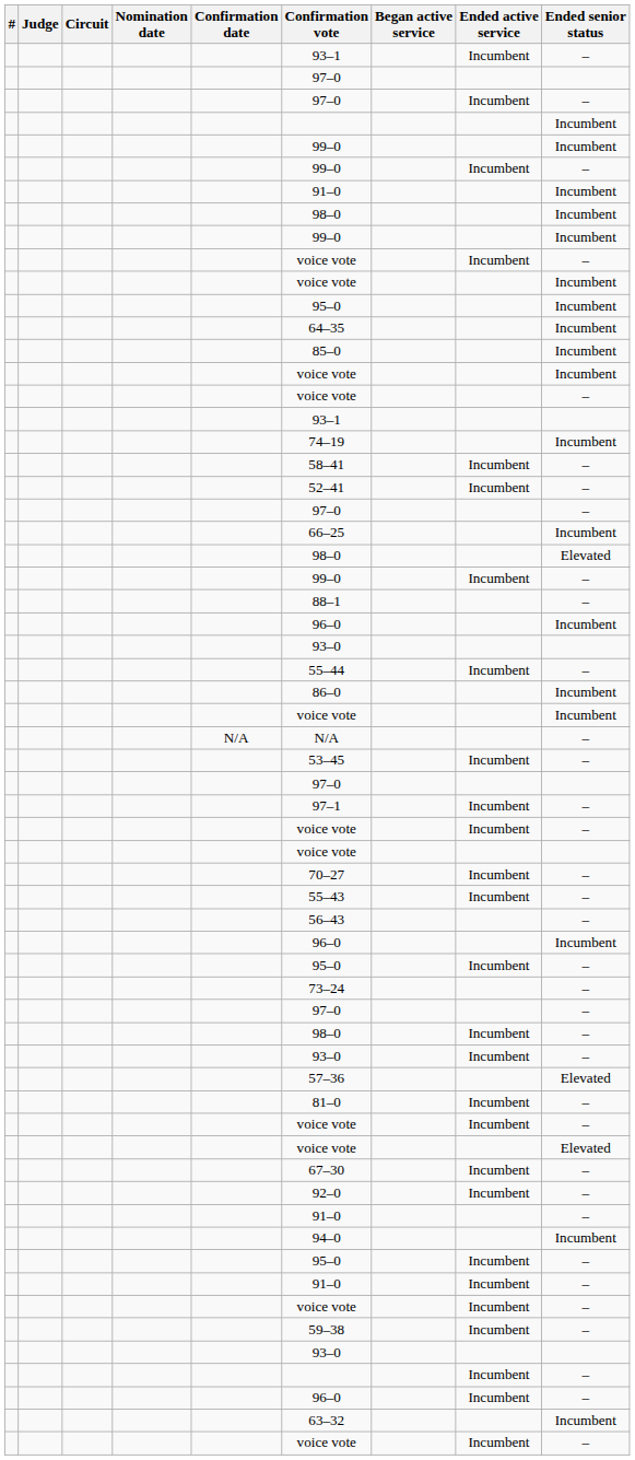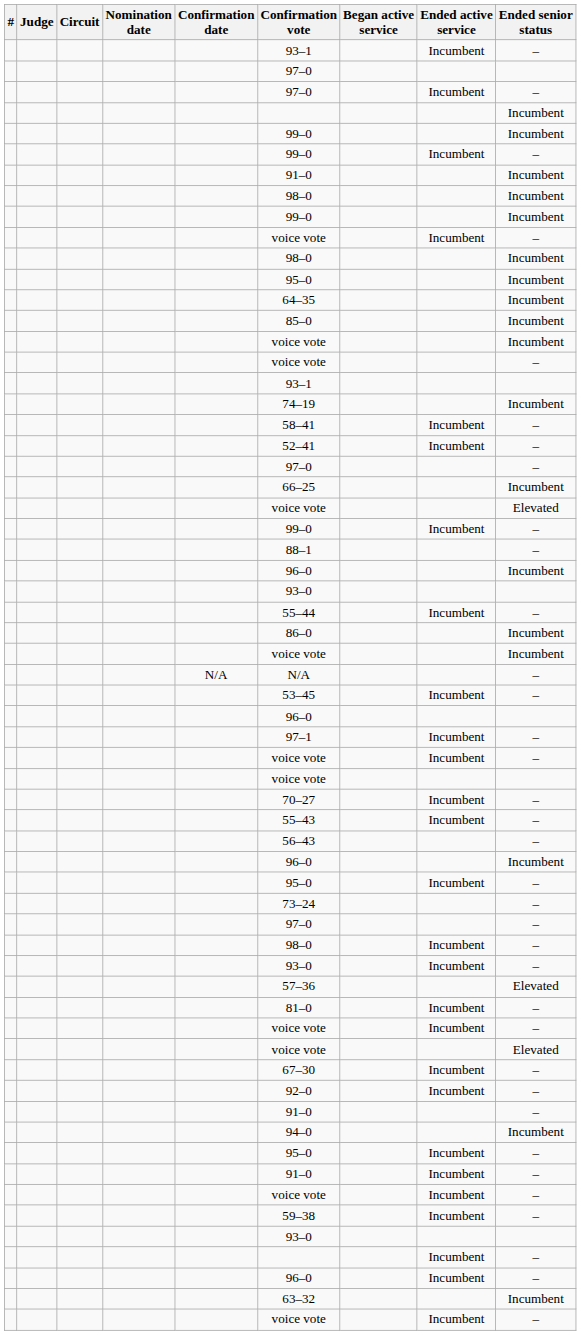 <table class="sortable wikitable">
 <tr bgcolor="#ececec">
 <th>#</th>
 <th>Judge</th>
 <th>Circuit</th>
 <th>Nomination<br>date</th>
 <th>Confirmation<br>date</th>
 <th>Confirmation<br>vote</th>
 <th>Began active<br>service</th>
 <th>Ended active<br>service</th>
 <th>Ended senior<br>status</th>
 </tr>
 <tr>
 <td></td>
 <td></td>
 <td></td>
 <td></td>
 <td></td>
 <td align= "center">93–1</td>
 <td></td>
 <td align= "center">Incumbent</td>
 <td align= "center">–</td>
 </tr>
 <tr>
 <td></td>
 <td></td>
 <td></td>
 <td></td>
 <td></td>
 <td align= "center">97–0</td>
 <td></td>
 <td></td>
 <td></td>
 </tr>
 <tr>
 <td></td>
 <td></td>
 <td></td>
 <td></td>
 <td></td>
 <td align= "center">97–0</td>
 <td></td>
 <td align= "center">Incumbent</td>
 <td align= "center">–</td>
 </tr>
 <tr>
 <td></td>
 <td></td>
 <td></td>
 <td></td>
 <td></td>
 <td align= "center"> </td>
 <td></td>
 <td></td>
 <td align= "center">Incumbent</td>
 </tr>
 <tr>
 <td></td>
 <td></td>
 <td></td>
 <td></td>
 <td></td>
 <td align= "center">99–0</td>
 <td></td>
 <td></td>
 <td align= "center">Incumbent</td>
 </tr>
 <tr>
 <td></td>
 <td></td>
 <td></td>
 <td></td>
 <td></td>
 <td align= "center">99–0</td>
 <td></td>
 <td align= "center">Incumbent</td>
 <td align= "center">–</td>
 </tr>
 <tr>
 <td></td>
 <td></td>
 <td></td>
 <td></td>
 <td></td>
 <td align= "center">91–0</td>
 <td></td>
 <td></td>
 <td align= "center">Incumbent</td>
 </tr>
 <tr>
 <td></td>
 <td></td>
 <td></td>
 <td></td>
 <td></td>
 <td align= "center">98–0</td>
 <td></td>
 <td></td>
 <td align= "center">Incumbent</td>
 </tr>
 <tr>
 <td></td>
 <td></td>
 <td></td>
 <td></td>
 <td></td>
 <td align= "center">99–0</td>
 <td></td>
 <td></td>
 <td align= "center">Incumbent</td>
 </tr>
 <tr>
 <td></td>
 <td></td>
 <td></td>
 <td></td>
 <td></td>
 <td align= "center">voice vote</td>
 <td></td>
 <td align= "center">Incumbent</td>
 <td align= "center">–</td>
 </tr>
 <tr>
 <td></td>
 <td></td>
 <td></td>
 <td></td>
 <td></td>
-<td align= "center">voice vote</td>
+<td align= "center">98–0</td>
 <td></td>
 <td></td>
 <td align= "center">Incumbent</td>
 </tr>
 <tr>
 <td></td>
 <td></td>
 <td></td>
 <td></td>
 <td></td>
 <td align= "center">95–0</td>
 <td></td>
 <td></td>
 <td align= "center">Incumbent</td>
 </tr>
 <tr>
 <td></td>
 <td></td>
 <td></td>
 <td></td>
 <td></td>
 <td align= "center">64–35</td>
 <td></td>
 <td></td>
 <td align= "center">Incumbent</td>
 </tr>
 <tr>
 <td></td>
 <td></td>
 <td></td>
 <td></td>
 <td></td>
 <td align= "center">85–0</td>
 <td></td>
 <td></td>
 <td align= "center">Incumbent</td>
 </tr>
 <tr>
 <td></td>
 <td></td>
 <td></td>
 <td></td>
 <td></td>
 <td align= "center">voice vote</td>
 <td></td>
 <td></td>
 <td align= "center">Incumbent</td>
 </tr>
 <tr>
 <td></td>
 <td></td>
 <td></td>
 <td></td>
 <td></td>
 <td align= "center">voice vote</td>
 <td></td>
 <td></td>
 <td align= "center">–</td>
 </tr>
 <tr>
 <td></td>
 <td></td>
 <td></td>
 <td></td>
 <td></td>
 <td align= "center">93–1</td>
 <td></td>
 <td></td>
 <td></td>
 </tr>
 <tr>
 <td></td>
 <td></td>
 <td></td>
 <td></td>
 <td></td>
 <td align= "center">74–19</td>
 <td></td>
 <td></td>
 <td align= "center">Incumbent</td>
 </tr>
 <tr>
 <td></td>
 <td></td>
 <td></td>
 <td></td>
 <td></td>
 <td align= "center">58–41</td>
 <td></td>
 <td align= "center">Incumbent</td>
 <td align= "center">–</td>
 </tr>
 <tr>
 <td></td>
 <td></td>
 <td></td>
 <td></td>
 <td></td>
 <td align= "center">52–41</td>
 <td></td>
 <td align= "center">Incumbent</td>
 <td align= "center">–</td>
 </tr>
 <tr>
 <td></td>
 <td></td>
 <td></td>
 <td></td>
 <td></td>
 <td align= "center">97–0</td>
 <td></td>
 <td></td>
 <td align= "center">–</td>
 </tr>
 <tr>
 <td></td>
 <td></td>
 <td></td>
 <td></td>
 <td></td>
 <td align= "center">66–25</td>
 <td></td>
 <td></td>
 <td align= "center">Incumbent</td>
 </tr>
 <tr>
 <td></td>
 <td></td>
 <td></td>
 <td></td>
 <td></td>
-<td align= "center">98–0</td>
+<td align= "center">voice vote</td>
 <td></td>
 <td></td>
 <td align= "center">Elevated</td>
 </tr>
 <tr>
 <td></td>
 <td></td>
 <td></td>
 <td></td>
 <td></td>
 <td align= "center">99–0</td>
 <td></td>
 <td align= "center">Incumbent</td>
 <td align= "center">–</td>
 </tr>
 <tr>
 <td></td>
 <td></td>
 <td></td>
 <td></td>
 <td></td>
 <td align= "center">88–1</td>
 <td></td>
 <td></td>
 <td align= "center">–</td>
 </tr>
 <tr>
 <td></td>
 <td></td>
 <td></td>
 <td></td>
 <td></td>
 <td align= "center">96–0</td>
 <td></td>
 <td></td>
 <td align= "center">Incumbent</td>
 </tr>
 <tr>
 <td></td>
 <td></td>
 <td></td>
 <td></td>
 <td></td>
 <td align= "center">93–0</td>
 <td></td>
 <td></td>
 <td></td>
 </tr>
 <tr>
 <td></td>
 <td></td>
 <td></td>
 <td></td>
 <td></td>
 <td align= "center">55–44</td>
 <td></td>
 <td align= "center">Incumbent</td>
 <td align= "center">–</td>
 </tr>
 <tr>
 <td></td>
 <td></td>
 <td></td>
 <td></td>
 <td></td>
 <td align= "center">86–0</td>
 <td></td>
 <td></td>
 <td align= "center">Incumbent</td>
 </tr>
 <tr>
 <td></td>
 <td></td>
 <td></td>
 <td></td>
 <td></td>
 <td align= "center">voice vote</td>
 <td></td>
 <td></td>
 <td align= "center">Incumbent</td>
 </tr>
 <tr>
 <td></td>
 <td></td>
 <td></td>
 <td></td>
 <td align= "center">N/A</td>
 <td align= "center">N/A</td>
 <td></td>
 <td></td>
 <td align= "center">–</td>
 </tr>
 <tr>
 <td></td>
 <td></td>
 <td></td>
 <td></td>
 <td></td>
 <td align= "center">53–45</td>
 <td></td>
 <td align= "center">Incumbent</td>
 <td align= "center">–</td>
 </tr>
 <tr>
 <td></td>
 <td></td>
 <td></td>
 <td></td>
 <td></td>
-<td align= "center">97–0</td>
+<td align= "center">96–0</td>
 <td></td>
 <td></td>
 <td></td>
 </tr>
 <tr>
 <td></td>
 <td></td>
 <td></td>
 <td></td>
 <td></td>
 <td align= "center">97–1</td>
 <td></td>
 <td align= "center">Incumbent</td>
 <td align= "center">–</td>
 </tr>
 <tr>
 <td></td>
 <td></td>
 <td></td>
 <td></td>
 <td></td>
 <td align= "center">voice vote</td>
 <td></td>
 <td align= "center">Incumbent</td>
 <td align= "center">–</td>
 </tr>
 <tr>
 <td></td>
 <td></td>
 <td></td>
 <td></td>
 <td></td>
 <td align= "center">voice vote</td>
 <td></td>
 <td></td>
 <td></td>
 </tr>
 <tr>
 <td></td>
 <td></td>
 <td></td>
 <td></td>
 <td></td>
 <td align= "center">70–27</td>
 <td></td>
 <td align= "center">Incumbent</td>
 <td align= "center">–</td>
 </tr>
 <tr>
 <td></td>
 <td></td>
 <td></td>
 <td></td>
 <td></td>
 <td align= "center">55–43</td>
 <td></td>
 <td align= "center">Incumbent</td>
 <td align= "center">–</td>
 </tr>
 <tr>
 <td></td>
 <td></td>
 <td></td>
 <td></td>
 <td></td>
 <td align= "center">56–43</td>
 <td></td>
 <td></td>
 <td align= "center">–</td>
 </tr>
 <tr>
 <td></td>
 <td></td>
 <td></td>
 <td></td>
 <td></td>
 <td align= "center">96–0</td>
 <td></td>
 <td></td>
 <td align="center">Incumbent</td>
 </tr>
 <tr>
 <td></td>
 <td></td>
 <td></td>
 <td></td>
 <td></td>
 <td align= "center">95–0</td>
 <td></td>
 <td align= "center">Incumbent</td>
 <td align= "center">–</td>
 </tr>
 <tr>
 <td></td>
 <td></td>
 <td></td>
 <td></td>
 <td></td>
 <td align= "center">73–24</td>
 <td></td>
 <td></td>
 <td align= "center">–</td>
 </tr>
 <tr>
 <td></td>
 <td></td>
 <td></td>
 <td></td>
 <td></td>
 <td align= "center">97–0</td>
 <td></td>
 <td></td>
 <td align= "center">–</td>
 </tr>
 <tr>
 <td></td>
 <td></td>
 <td></td>
 <td></td>
 <td></td>
 <td align= "center">98–0</td>
 <td></td>
 <td align= "center">Incumbent</td>
 <td align= "center">–</td>
 </tr>
 <tr>
 <td></td>
 <td></td>
 <td></td>
 <td></td>
 <td></td>
 <td align= "center">93–0</td>
 <td></td>
 <td align= "center">Incumbent</td>
 <td align= "center">–</td>
 </tr>
 <tr>
 <td></td>
 <td></td>
 <td></td>
 <td></td>
 <td></td>
 <td align= "center">57–36</td>
 <td></td>
 <td></td>
 <td align= "center">Elevated</td>
 </tr>
 <tr>
 <td></td>
 <td></td>
 <td></td>
 <td></td>
 <td></td>
 <td align= "center">81–0</td>
 <td></td>
 <td align= "center">Incumbent</td>
 <td align= "center">–</td>
 </tr>
 <tr>
 <td></td>
 <td></td>
 <td></td>
 <td></td>
 <td></td>
 <td align= "center">voice vote</td>
 <td></td>
 <td align= "center">Incumbent</td>
 <td align= "center">–</td>
 </tr>
 <tr>
 <td></td>
 <td></td>
 <td></td>
 <td></td>
 <td></td>
 <td align= "center">voice vote</td>
 <td></td>
 <td></td>
 <td align= "center">Elevated</td>
 </tr>
 <tr>
 <td></td>
 <td></td>
 <td></td>
 <td></td>
 <td></td>
 <td align= "center">67–30</td>
 <td></td>
 <td align= "center">Incumbent</td>
 <td align= "center">–</td>
 </tr>
 <tr>
 <td></td>
 <td></td>
 <td></td>
 <td></td>
 <td></td>
 <td align= "center">92–0</td>
 <td></td>
 <td align= "center">Incumbent</td>
 <td align= "center">–</td>
 </tr>
 <tr>
 <td></td>
 <td></td>
 <td></td>
 <td></td>
 <td></td>
 <td align= "center">91–0</td>
 <td></td>
 <td></td>
 <td align="center">–</td>
 </tr>
 <tr>
 <td></td>
 <td></td>
 <td></td>
 <td></td>
 <td></td>
 <td align= "center">94–0</td>
 <td></td>
 <td></td>
 <td align= "center">Incumbent</td>
 </tr>
 <tr>
 <td></td>
 <td></td>
 <td></td>
 <td></td>
 <td></td>
 <td align= "center">95–0</td>
 <td></td>
 <td align= "center">Incumbent</td>
 <td align= "center">–</td>
 </tr>
 <tr>
 <td></td>
 <td></td>
 <td></td>
 <td></td>
 <td></td>
 <td align= "center">91–0</td>
 <td></td>
 <td align= "center">Incumbent</td>
 <td align= "center">–</td>
 </tr>
 <tr>
 <td></td>
 <td></td>
 <td></td>
 <td></td>
 <td></td>
 <td align= "center">voice vote</td>
 <td></td>
 <td align= "center">Incumbent</td>
 <td align= "center">–</td>
 </tr>
 <tr>
 <td></td>
 <td></td>
 <td></td>
 <td></td>
 <td></td>
 <td align= "center">59–38</td>
 <td></td>
 <td align= "center">Incumbent</td>
 <td align= "center">–</td>
 </tr>
 <tr>
 <td></td>
 <td></td>
 <td></td>
 <td></td>
 <td></td>
 <td align= "center">93–0</td>
 <td></td>
 <td></td>
 <td></td>
 </tr>
 <tr>
 <td></td>
 <td></td>
 <td></td>
 <td></td>
 <td></td>
 <td align= "center"></td>
 <td></td>
 <td align= "center">Incumbent</td>
 <td align= "center">–</td>
 </tr>
 <tr>
 <td></td>
 <td></td>
 <td></td>
 <td></td>
 <td></td>
 <td align= "center">96–0</td>
 <td></td>
 <td align= "center">Incumbent</td>
 <td align= "center">–</td>
 </tr>
 <tr>
 <td></td>
 <td></td>
 <td></td>
 <td></td>
 <td></td>
 <td align= "center">63–32</td>
 <td></td>
 <td></td>
 <td align= "center">Incumbent</td>
 </tr>
 <tr>
 <td></td>
 <td></td>
 <td></td>
 <td></td>
 <td></td>
 <td align= "center">voice vote</td>
 <td></td>
 <td align= "center">Incumbent</td>
 <td align= "center">–</td>
 </tr>
 </table>
